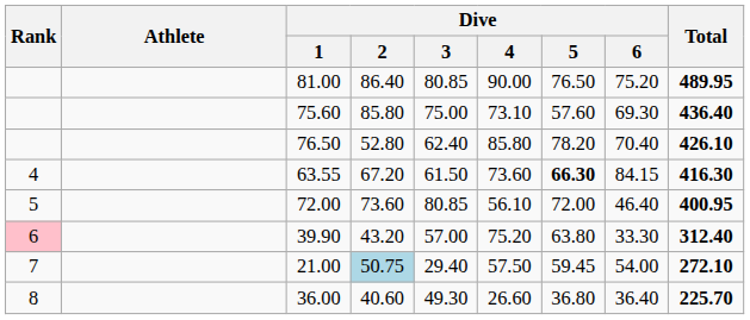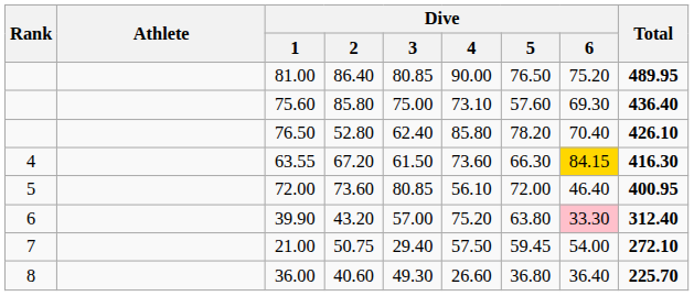 <table class=wikitable style="text-align:center">
 <tr>
 <th rowspan="2" width=40>Rank</th>
 <th rowspan="2" width=250>Athlete</th>
 <th colspan="6">Dive</th>
 <th rowspan="2" width=60>Total</th>
 </tr>
 <tr>
 <th width=50>1</th>
 <th width=50>2</th>
 <th width=50>3</th>
 <th width=50>4</th>
 <th width=50>5</th>
 <th width=50>6</th>
 </tr>
 <tr>
 <td></td>
 <td align=left></td>
 <td>81.00</td>
 <td>86.40</td>
 <td>80.85</td>
 <td>90.00</td>
 <td>76.50</td>
 <td>75.20</td>
 <td><strong>489.95</strong></td>
 </tr>
 <tr>
 <td></td>
 <td align=left></td>
 <td>75.60</td>
 <td>85.80</td>
 <td>75.00</td>
 <td>73.10</td>
 <td>57.60</td>
 <td>69.30</td>
 <td><strong>436.40</strong></td>
 </tr>
 <tr>
 <td></td>
 <td align=left></td>
 <td>76.50</td>
 <td>52.80</td>
 <td>62.40</td>
 <td>85.80</td>
 <td>78.20</td>
 <td>70.40</td>
 <td><strong>426.10</strong></td>
 </tr>
 <tr>
 <td>4</td>
 <td align=left></td>
 <td>63.55</td>
 <td>67.20</td>
 <td>61.50</td>
 <td>73.60</td>
-<td><strong>66.30</strong></td>
-<td>84.15</td>
+<td>66.30</td>
+<td style="background: gold;">84.15</td>
 <td><strong>416.30</strong></td>
 </tr>
 <tr>
 <td>5</td>
 <td align=left></td>
 <td>72.00</td>
 <td>73.60</td>
 <td>80.85</td>
 <td>56.10</td>
 <td>72.00</td>
 <td>46.40</td>
 <td><strong>400.95</strong></td>
 </tr>
 <tr>
-<td style="background: pink;">6</td>
+<td>6</td>
 <td align=left></td>
 <td>39.90</td>
 <td>43.20</td>
 <td>57.00</td>
 <td>75.20</td>
 <td>63.80</td>
-<td>33.30</td>
+<td style="background: pink;">33.30</td>
 <td><strong>312.40</strong></td>
 </tr>
 <tr>
 <td>7</td>
 <td align=left></td>
 <td>21.00</td>
-<td style="background: lightblue;">50.75</td>
+<td>50.75</td>
 <td>29.40</td>
 <td>57.50</td>
 <td>59.45</td>
 <td>54.00</td>
 <td><strong>272.10</strong></td>
 </tr>
 <tr>
 <td>8</td>
 <td align=left></td>
 <td>36.00</td>
 <td>40.60</td>
 <td>49.30</td>
 <td>26.60</td>
 <td>36.80</td>
 <td>36.40</td>
 <td><strong>225.70</strong></td>
 </tr>
 </table>
